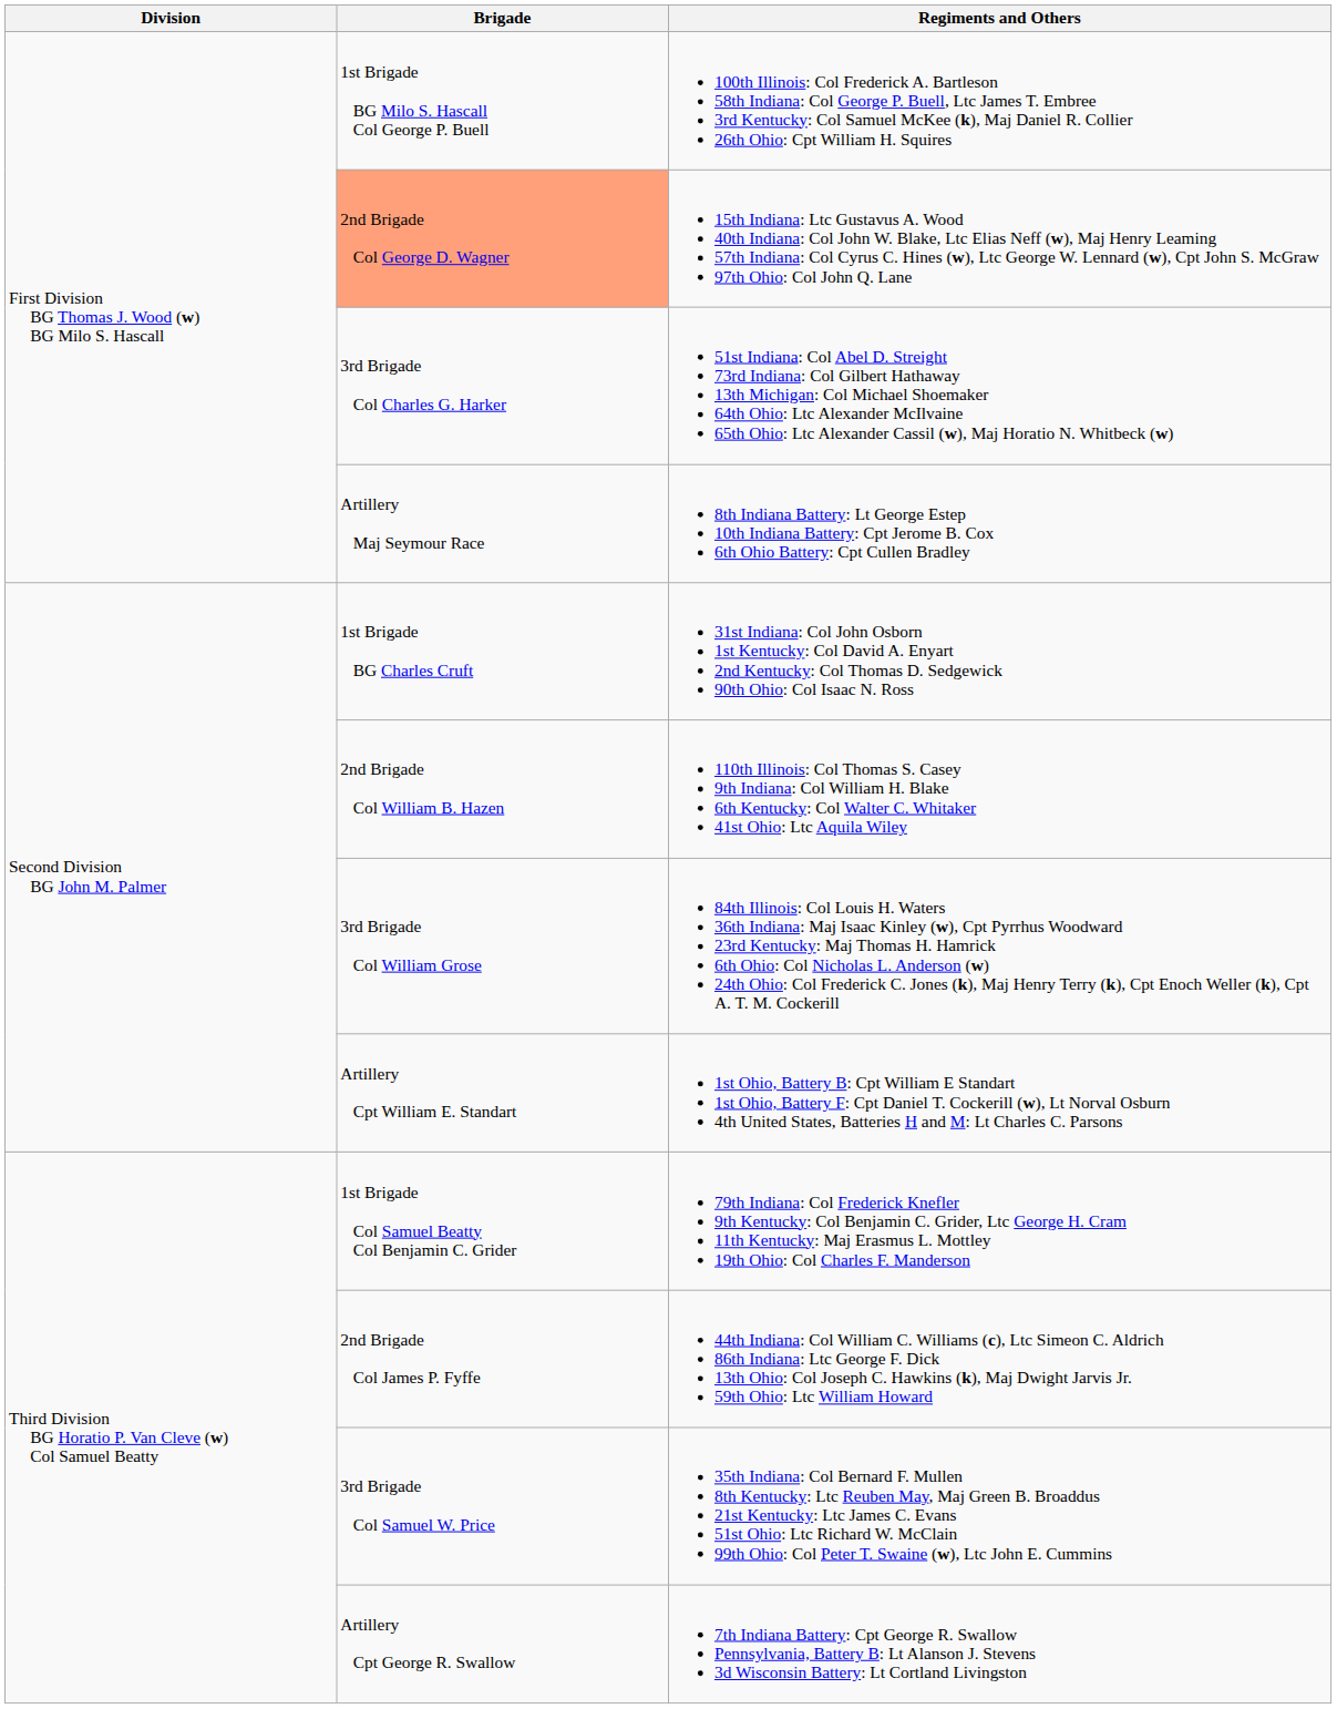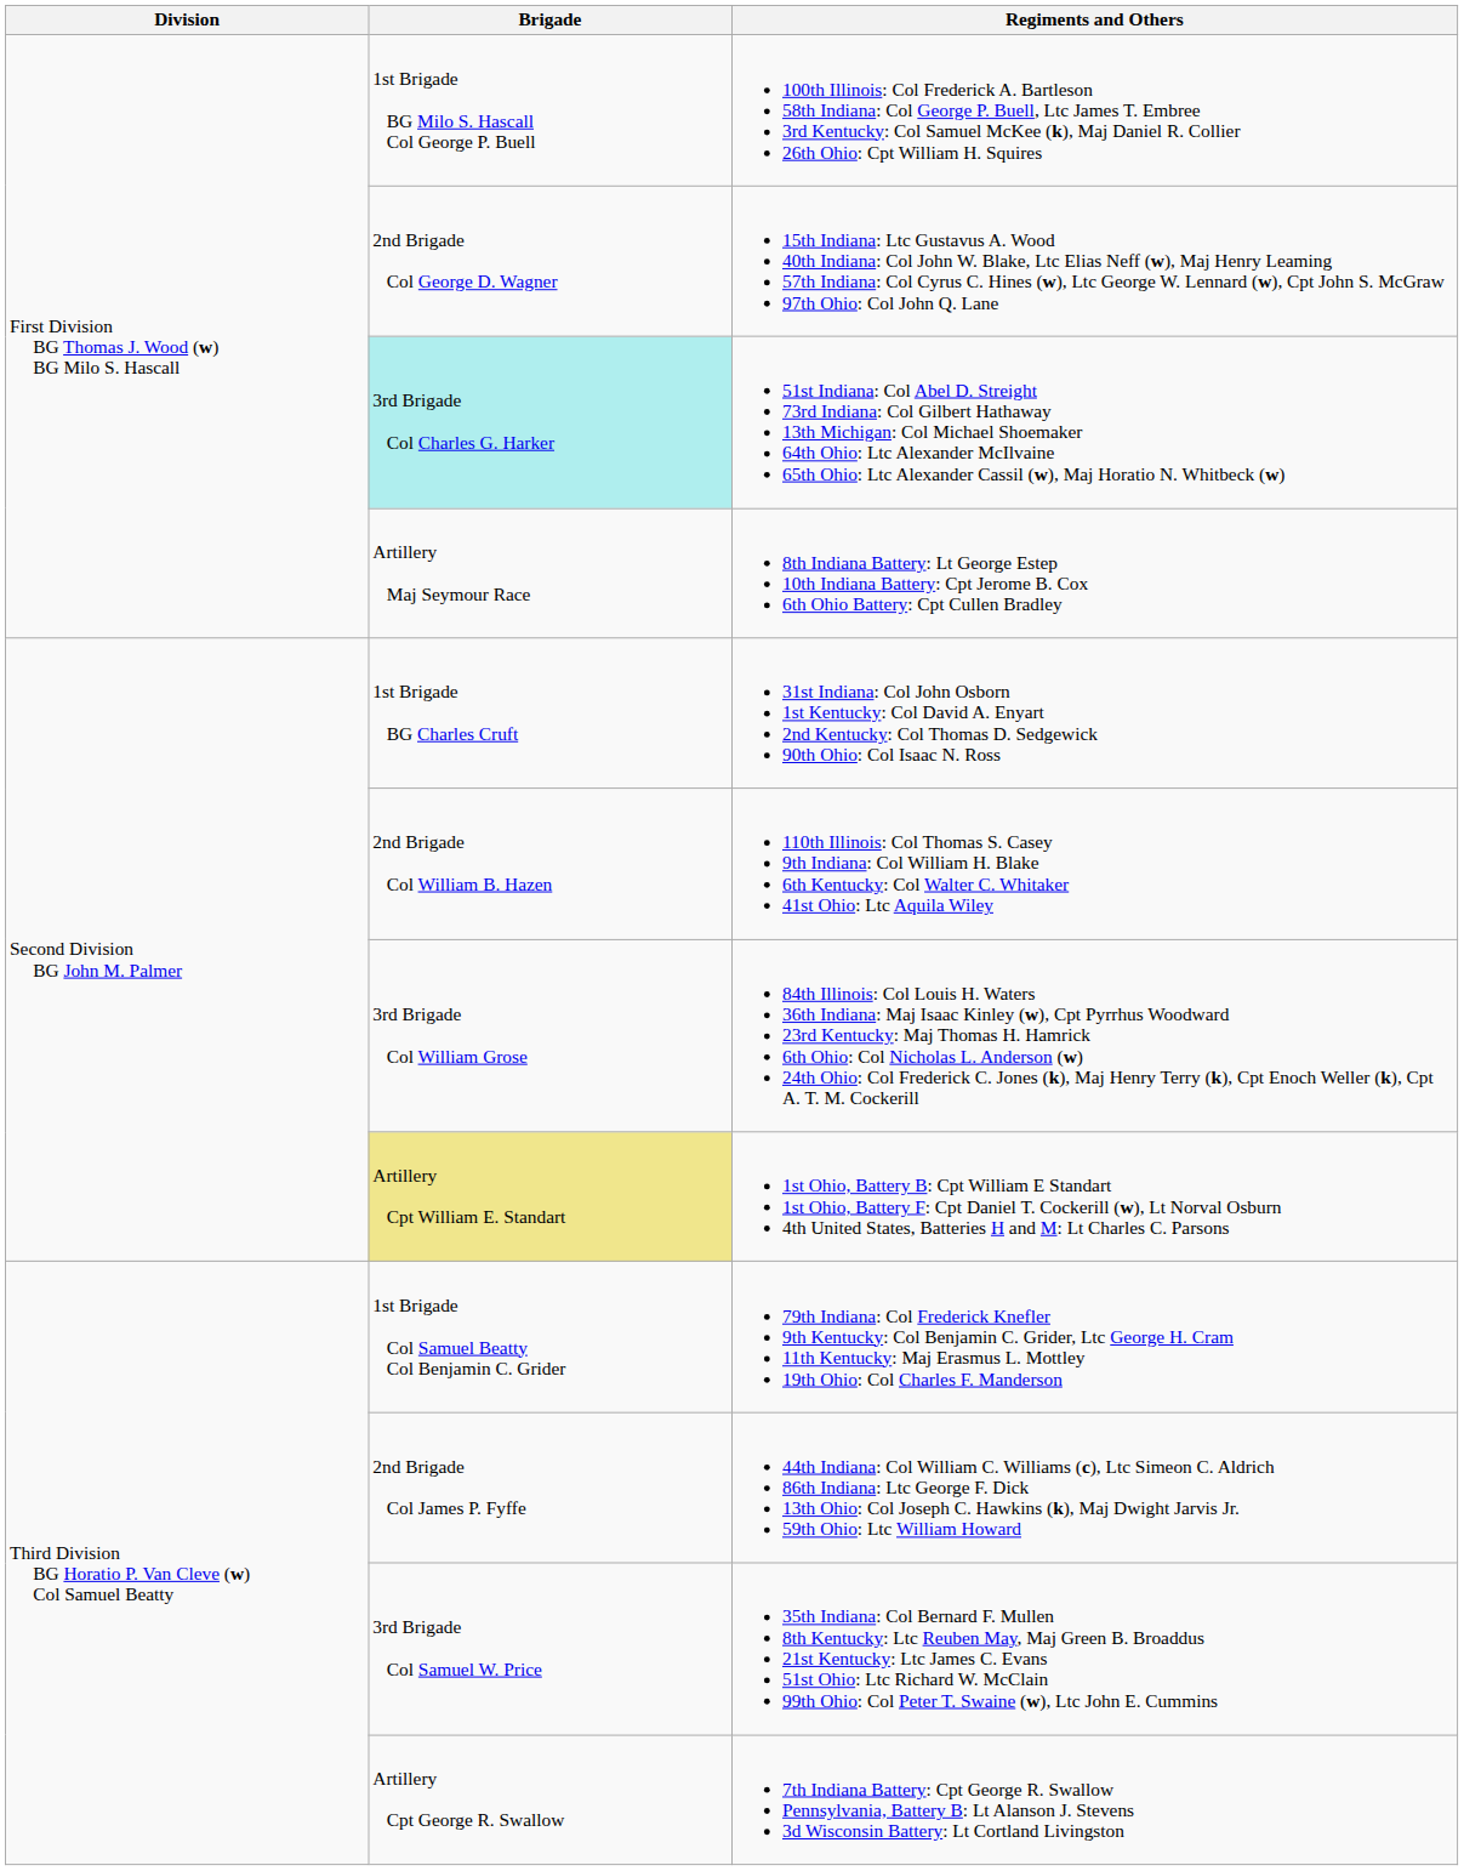 <table class="wikitable">
 <tr>
 <th width=25%>Division</th>
 <th width=25%>Brigade</th>
 <th>Regiments and Others</th>
 </tr>
 <tr>
 <td rowspan=4><br>First Division <br>     BG <a href='#'>Thomas J. Wood</a> (<strong>w</strong>) <br>     BG Milo S. Hascall</td>
 <td>1st Brigade<br><br>   BG <a href='#'>Milo S. Hascall</a> <br>   Col George P. Buell</td>
 <td><br><ul><li><a href='#'>100th Illinois</a>: Col Frederick A. Bartleson</li><li><a href='#'>58th Indiana</a>: Col <a href='#'>George P. Buell</a>, Ltc James T. Embree</li><li><a href='#'>3rd Kentucky</a>: Col Samuel McKee (<strong>k</strong>), Maj Daniel R. Collier</li><li><a href='#'>26th Ohio</a>: Cpt William H. Squires</li></ul></td>
 </tr>
 <tr>
-<td style="background: lightsalmon;">2nd Brigade<br><br>   Col <a href='#'>George D. Wagner</a></td>
+<td>2nd Brigade<br><br>   Col <a href='#'>George D. Wagner</a></td>
 <td><br><ul><li><a href='#'>15th Indiana</a>: Ltc Gustavus A. Wood</li><li><a href='#'>40th Indiana</a>: Col John W. Blake, Ltc Elias Neff (<strong>w</strong>), Maj Henry Leaming</li><li><a href='#'>57th Indiana</a>: Col Cyrus C. Hines (<strong>w</strong>), Ltc George W. Lennard (<strong>w</strong>), Cpt John S. McGraw</li><li><a href='#'>97th Ohio</a>: Col John Q. Lane</li></ul></td>
 </tr>
 <tr>
-<td>3rd Brigade<br><br>   Col <a href='#'>Charles G. Harker</a></td>
+<td style="background: paleturquoise;">3rd Brigade<br><br>   Col <a href='#'>Charles G. Harker</a></td>
 <td><br><ul><li><a href='#'>51st Indiana</a>: Col <a href='#'>Abel D. Streight</a></li><li><a href='#'>73rd Indiana</a>: Col Gilbert Hathaway</li><li><a href='#'>13th Michigan</a>: Col Michael Shoemaker</li><li><a href='#'>64th Ohio</a>: Ltc Alexander McIlvaine</li><li><a href='#'>65th Ohio</a>: Ltc Alexander Cassil (<strong>w</strong>), Maj Horatio N. Whitbeck (<strong>w</strong>)</li></ul></td>
 </tr>
 <tr>
 <td>Artillery<br><br>   Maj Seymour Race</td>
 <td><br><ul><li><a href='#'>8th Indiana Battery</a>: Lt George Estep</li><li><a href='#'>10th Indiana Battery</a>: Cpt Jerome B. Cox</li><li><a href='#'>6th Ohio Battery</a>: Cpt Cullen Bradley</li></ul></td>
 </tr>
 <tr>
 <td rowspan=4><br>Second Division <br>     BG <a href='#'>John M. Palmer</a></td>
 <td>1st Brigade<br><br>   BG <a href='#'>Charles Cruft</a></td>
 <td><br><ul><li><a href='#'>31st Indiana</a>: Col John Osborn</li><li><a href='#'>1st Kentucky</a>: Col David A. Enyart</li><li><a href='#'>2nd Kentucky</a>: Col Thomas D. Sedgewick</li><li><a href='#'>90th Ohio</a>: Col Isaac N. Ross</li></ul></td>
 </tr>
 <tr>
 <td>2nd Brigade<br><br>   Col <a href='#'>William B. Hazen</a></td>
 <td><br><ul><li><a href='#'>110th Illinois</a>: Col Thomas S. Casey</li><li><a href='#'>9th Indiana</a>: Col William H. Blake</li><li><a href='#'>6th Kentucky</a>: Col <a href='#'>Walter C. Whitaker</a></li><li><a href='#'>41st Ohio</a>: Ltc <a href='#'>Aquila Wiley</a></li></ul></td>
 </tr>
 <tr>
 <td>3rd Brigade<br><br>   Col <a href='#'>William Grose</a></td>
 <td><br><ul><li><a href='#'>84th Illinois</a>: Col Louis H. Waters</li><li><a href='#'>36th Indiana</a>: Maj Isaac Kinley (<strong>w</strong>), Cpt Pyrrhus Woodward</li><li><a href='#'>23rd Kentucky</a>: Maj Thomas H. Hamrick</li><li><a href='#'>6th Ohio</a>: Col <a href='#'>Nicholas L. Anderson</a> (<strong>w</strong>)</li><li><a href='#'>24th Ohio</a>: Col Frederick C. Jones (<strong>k</strong>), Maj Henry Terry (<strong>k</strong>), Cpt Enoch Weller (<strong>k</strong>), Cpt A. T. M. Cockerill</li></ul></td>
 </tr>
 <tr>
-<td>Artillery<br><br>   Cpt William E. Standart</td>
+<td style="background: khaki;">Artillery<br><br>   Cpt William E. Standart</td>
 <td><br><ul><li><a href='#'>1st Ohio, Battery B</a>: Cpt William E Standart</li><li><a href='#'>1st Ohio, Battery F</a>: Cpt Daniel T. Cockerill (<strong>w</strong>), Lt Norval Osburn</li><li>4th United States, Batteries <a href='#'>H</a> and <a href='#'>M</a>: Lt Charles C. Parsons</li></ul></td>
 </tr>
 <tr>
 <td rowspan=4><br>Third Division <br>     BG <a href='#'>Horatio P. Van Cleve</a> (<strong>w</strong>) <br>     Col Samuel Beatty</td>
 <td>1st Brigade<br><br>   Col <a href='#'>Samuel Beatty</a> <br>   Col Benjamin C. Grider</td>
 <td><br><ul><li><a href='#'>79th Indiana</a>: Col <a href='#'>Frederick Knefler</a></li><li><a href='#'>9th Kentucky</a>: Col Benjamin C. Grider, Ltc <a href='#'>George H. Cram</a></li><li><a href='#'>11th Kentucky</a>: Maj Erasmus L. Mottley</li><li><a href='#'>19th Ohio</a>: Col <a href='#'>Charles F. Manderson</a></li></ul></td>
 </tr>
 <tr>
 <td>2nd Brigade<br><br>   Col James P. Fyffe</td>
 <td><br><ul><li><a href='#'>44th Indiana</a>: Col William C. Williams (<strong>c</strong>), Ltc Simeon C. Aldrich</li><li><a href='#'>86th Indiana</a>: Ltc George F. Dick</li><li><a href='#'>13th Ohio</a>: Col Joseph C. Hawkins (<strong>k</strong>), Maj Dwight Jarvis Jr.</li><li><a href='#'>59th Ohio</a>: Ltc <a href='#'>William Howard</a></li></ul></td>
 </tr>
 <tr>
 <td>3rd Brigade<br><br>   Col <a href='#'>Samuel W. Price</a></td>
 <td><br><ul><li><a href='#'>35th Indiana</a>: Col Bernard F. Mullen</li><li><a href='#'>8th Kentucky</a>: Ltc <a href='#'>Reuben May</a>, Maj Green B. Broaddus</li><li><a href='#'>21st Kentucky</a>: Ltc James C. Evans</li><li><a href='#'>51st Ohio</a>: Ltc Richard W. McClain</li><li><a href='#'>99th Ohio</a>: Col <a href='#'>Peter T. Swaine</a> (<strong>w</strong>), Ltc John E. Cummins</li></ul></td>
 </tr>
 <tr>
 <td>Artillery<br><br>   Cpt George R. Swallow</td>
 <td><br><ul><li><a href='#'>7th Indiana Battery</a>: Cpt George R. Swallow</li><li><a href='#'>Pennsylvania, Battery B</a>: Lt Alanson J. Stevens</li><li><a href='#'>3d Wisconsin Battery</a>: Lt Cortland Livingston</li></ul></td>
 </tr>
 </table>
